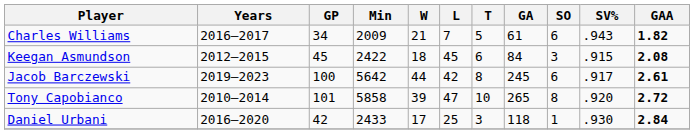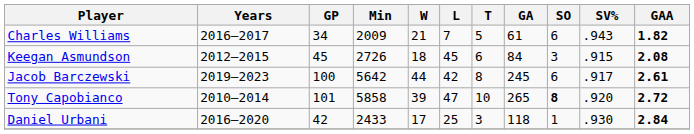 <table class="wikitable sortable" width ="700">
 <tr>
 <th>Player</th>
 <th>Years</th>
 <th>GP</th>
 <th>Min</th>
 <th>W</th>
 <th>L</th>
 <th>T</th>
 <th>GA</th>
 <th>SO</th>
 <th>SV%</th>
 <th>GAA</th>
 </tr>
 <tr>
 <td><a href='#'>Charles Williams</a></td>
 <td>2016–2017</td>
 <td>34</td>
 <td>2009</td>
 <td>21</td>
 <td>7</td>
 <td>5</td>
 <td>61</td>
 <td>6</td>
 <td>.943</td>
 <td><strong>1.82</strong></td>
 </tr>
 <tr>
 <td><a href='#'>Keegan Asmundson</a></td>
 <td>2012–2015</td>
 <td>45</td>
-<td>2422</td>
+<td>2726</td>
 <td>18</td>
 <td>45</td>
 <td>6</td>
 <td>84</td>
 <td>3</td>
 <td>.915</td>
 <td><strong>2.08</strong></td>
 </tr>
 <tr>
 <td><a href='#'>Jacob Barczewski</a></td>
 <td>2019–2023</td>
 <td>100</td>
 <td>5642</td>
 <td>44</td>
 <td>42</td>
 <td>8</td>
 <td>245</td>
 <td>6</td>
 <td>.917</td>
 <td><strong>2.61</strong></td>
 </tr>
 <tr>
 <td><a href='#'>Tony Capobianco</a></td>
 <td>2010–2014</td>
 <td>101</td>
 <td>5858</td>
 <td>39</td>
 <td>47</td>
 <td>10</td>
 <td>265</td>
-<td>8</td>
+<td><strong>8</strong></td>
 <td>.920</td>
 <td><strong>2.72</strong></td>
 </tr>
 <tr>
 <td><a href='#'>Daniel Urbani</a></td>
 <td>2016–2020</td>
 <td>42</td>
 <td>2433</td>
 <td>17</td>
 <td>25</td>
 <td>3</td>
 <td>118</td>
 <td>1</td>
 <td>.930</td>
 <td><strong>2.84</strong></td>
 </tr>
 <tr>
 </tr>
 </table>
